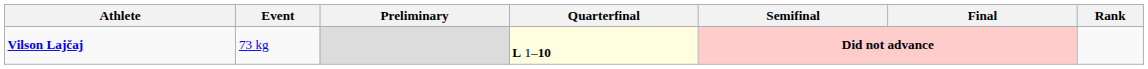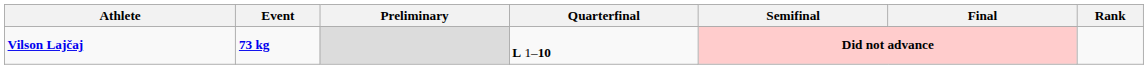 <table class="wikitable" width="98%" style="text-align:left; font-size:90%">
 <tr>
 <th width="11%">Athlete</th>
 <th width="4%">Event</th>
 <th width="9%">Preliminary</th>
 <th width="9%">Quarterfinal</th>
 <th width="9%">Semifinal</th>
 <th width="9%">Final</th>
 <th width="3%">Rank</th>
 </tr>
 <tr>
 <td><strong><a href='#'>Vilson Lajčaj</a></strong></td>
-<td><a href='#'>73 kg</a></td>
+<td><strong><a href='#'>73 kg</a></strong></td>
 <td bgcolor=#DCDCDC></td>
-<td style="background: lightyellow;"><br><strong>L</strong> 1–<strong>10</strong></td>
+<td><br><strong>L</strong> 1–<strong>10</strong></td>
 <td colspan ="2" bgcolor="#ffcccc" align="center"><strong>Did not advance</strong></td>
 <td align=center></td>
 </tr>
 </table>
